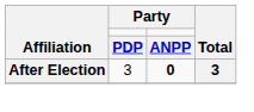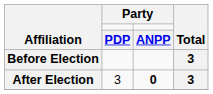 <table class=wikitable style="text-align:center">
 <tr style="vertical-align:bottom;">
 <th rowspan=3>Affiliation</th>
 <th colspan=2>Party</th>
 <th rowspan=3>Total</th>
 </tr>
 <tr>
 <td style="background-color:"></td>
 <td style="background-color:"></td>
 </tr>
 <tr>
 <th><a href='#'>PDP</a></th>
 <th><a href='#'>ANPP</a></th>
 </tr>
 <tr>
+<th>Before Election</th>
+<td></td>
+<td></td>
+<th>3</th>
+</tr>
+<tr>
 <th>After Election</th>
 <td>3</td>
 <td><strong>0</strong></td>
 <th>3</th>
 </tr>
 <tr>
 </tr>
 </table>
